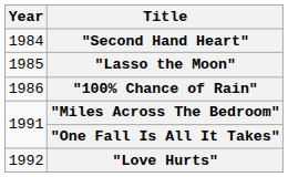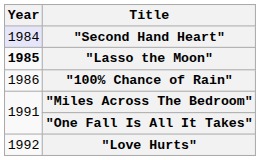 <table class="wikitable plainrowheaders">
 <tr>
 <th>Year</th>
 <th>Title</th>
 </tr>
 <tr>
-<td>1984</td>
+<td style="background: lavender;">1984</td>
 <th scope="row">"Second Hand Heart"</th>
 </tr>
 <tr>
-<td>1985</td>
+<td><strong>1985</strong></td>
 <th scope="row">"Lasso the Moon"</th>
 </tr>
 <tr>
 <td>1986</td>
 <th scope="row">"100% Chance of Rain"</th>
 </tr>
 <tr>
 <td rowspan="2">1991</td>
 <th scope="row">"Miles Across The Bedroom"</th>
 </tr>
 <tr>
 <th scope="row">"One Fall Is All It Takes"</th>
 </tr>
 <tr>
 <td>1992</td>
 <th scope="row">"Love Hurts"</th>
 </tr>
 </table>
